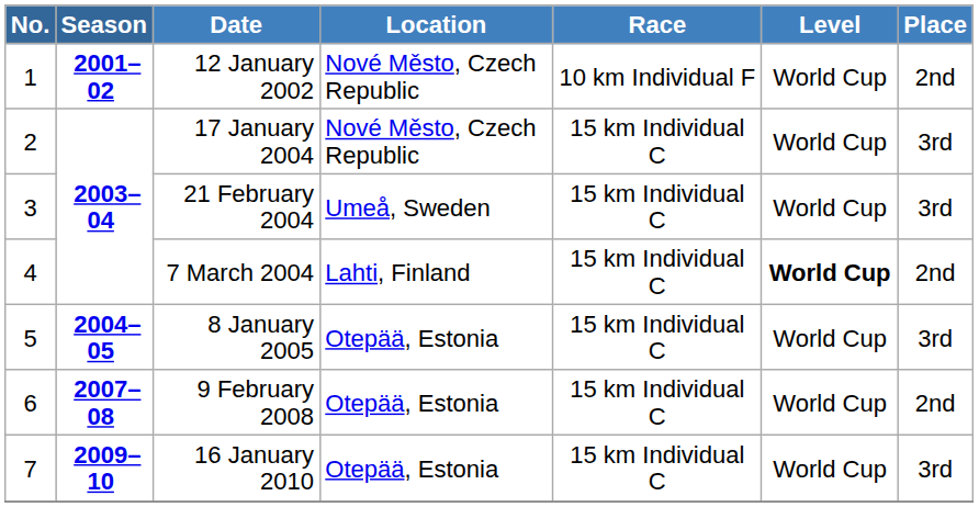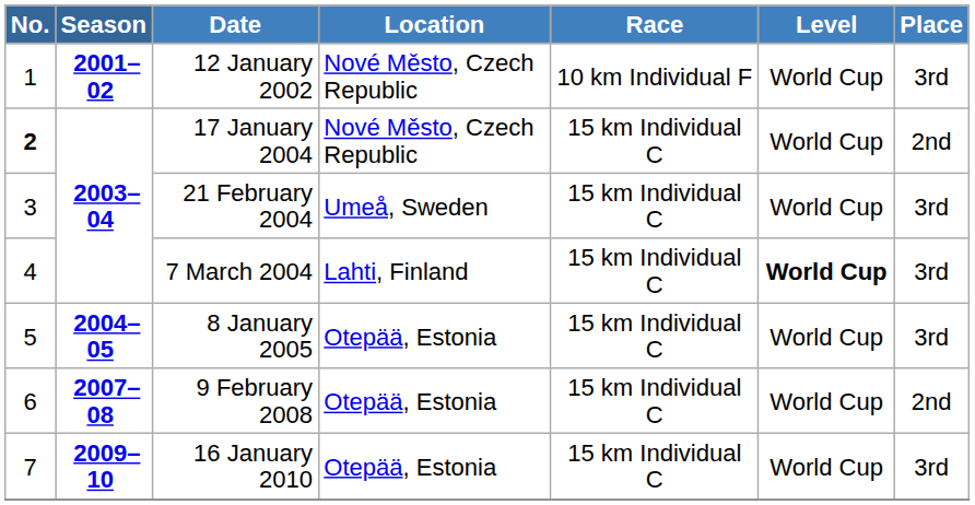 <table class="wikitable sortable" style="font-size:95%; text-align:center; border:grey solid 1px; border-collapse:collapse; background:#ffffff;">
 <tr style="background:#efefef;">
 <th style="background-color:#369; color:white;">No.</th>
 <th style="background-color:#369; color:white;">Season</th>
 <th style="background-color:#4180be; color:white; width:120px;">Date</th>
 <th style="background-color:#4180be; color:white; width:185px;">Location</th>
 <th style="background-color:#4180be; color:white; width:160px;">Race</th>
 <th style="background-color:#4180be; color:white; width:100px;">Level</th>
 <th style="background-color:#4180be; color:white;">Place</th>
 </tr>
 <tr>
 <td align=center>1</td>
 <td rowspan=1 align=center><strong> <a href='#'>2001–02</a> </strong></td>
 <td align=right>12 January 2002</td>
 <td align=left> <a href='#'>Nové Město</a>, Czech Republic</td>
 <td>10 km Individual F</td>
 <td>World Cup</td>
-<td>2nd</td>
+<td>3rd</td>
 </tr>
 <tr>
-<td align=center>2</td>
+<td align=center><strong>2</strong></td>
 <td rowspan=3 align=center><strong> <a href='#'>2003–04</a> </strong></td>
 <td align=right>17 January 2004</td>
 <td align=left> <a href='#'>Nové Město</a>, Czech Republic</td>
 <td>15 km Individual C</td>
 <td>World Cup</td>
-<td>3rd</td>
+<td>2nd</td>
 </tr>
 <tr>
 <td align=center>3</td>
 <td align=right>21 February 2004</td>
 <td align=left> <a href='#'>Umeå</a>, Sweden</td>
 <td>15 km Individual C</td>
 <td>World Cup</td>
 <td>3rd</td>
 </tr>
 <tr>
 <td align=center>4</td>
 <td align=right>7 March 2004</td>
 <td align=left> <a href='#'>Lahti</a>, Finland</td>
 <td>15 km Individual C</td>
 <td><strong>World Cup</strong></td>
-<td>2nd</td>
+<td>3rd</td>
 </tr>
 <tr>
 <td align=center>5</td>
 <td rowspan=1 align=center><strong> <a href='#'>2004–05</a> </strong></td>
 <td align=right>8 January 2005</td>
 <td align=left> <a href='#'>Otepää</a>, Estonia</td>
 <td>15 km Individual C</td>
 <td>World Cup</td>
 <td>3rd</td>
 </tr>
 <tr>
 <td align=center>6</td>
 <td rowspan=1 align=center><strong> <a href='#'>2007–08</a> </strong></td>
 <td align=right>9 February 2008</td>
 <td align=left> <a href='#'>Otepää</a>, Estonia</td>
 <td>15 km Individual C</td>
 <td>World Cup</td>
 <td>2nd</td>
 </tr>
 <tr>
 <td align=center>7</td>
 <td rowspan=1 align=center><strong> <a href='#'>2009–10</a> </strong></td>
 <td align=right>16 January 2010</td>
 <td align=left> <a href='#'>Otepää</a>, Estonia</td>
 <td>15 km Individual C</td>
 <td>World Cup</td>
 <td>3rd</td>
 </tr>
 <tr>
 </tr>
 </table>
